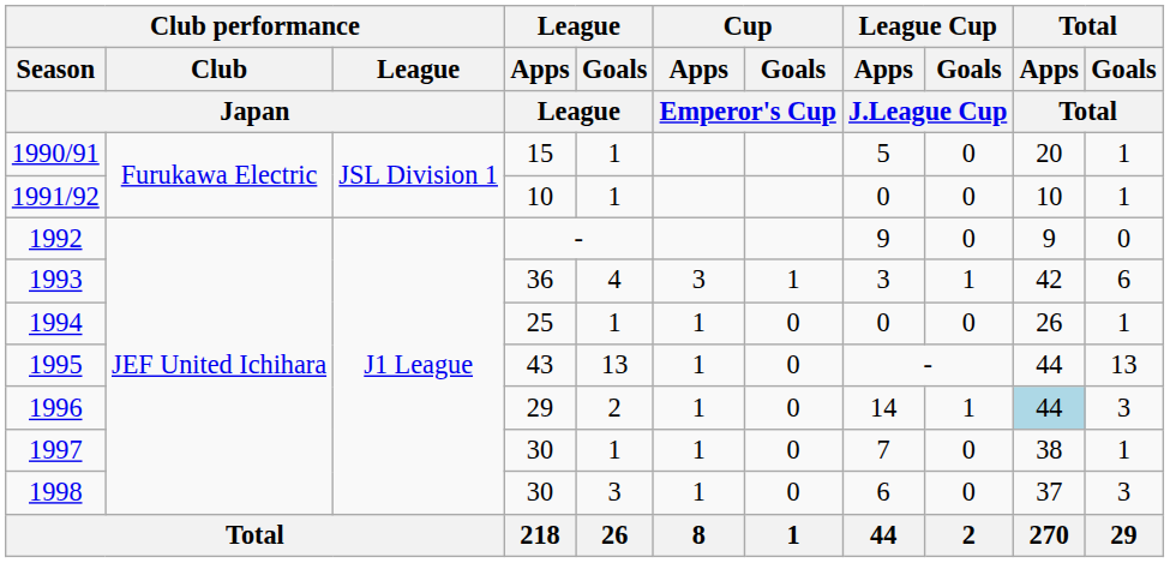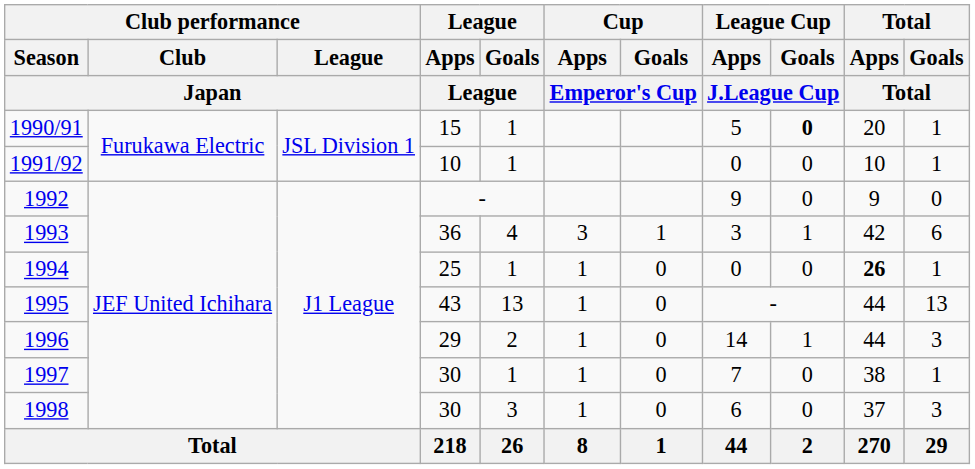 <table class="wikitable" style="text-align:center;">
 <tr>
 <th colspan=3>Club performance</th>
 <th colspan=2>League</th>
 <th colspan=2>Cup</th>
 <th colspan=2>League Cup</th>
 <th colspan=2>Total</th>
 </tr>
 <tr>
 <th>Season</th>
 <th>Club</th>
 <th>League</th>
 <th>Apps</th>
 <th>Goals</th>
 <th>Apps</th>
 <th>Goals</th>
 <th>Apps</th>
 <th>Goals</th>
 <th>Apps</th>
 <th>Goals</th>
 </tr>
 <tr>
 <th colspan=3>Japan</th>
 <th colspan=2>League</th>
 <th colspan=2><a href='#'>Emperor's Cup</a></th>
 <th colspan=2><a href='#'>J.League Cup</a></th>
 <th colspan=2>Total</th>
 </tr>
 <tr>
 <td><a href='#'>1990/91</a></td>
 <td rowspan="2"><a href='#'>Furukawa Electric</a></td>
 <td rowspan="2"><a href='#'>JSL Division 1</a></td>
 <td>15</td>
 <td>1</td>
 <td></td>
 <td></td>
 <td>5</td>
-<td>0</td>
+<td><strong>0</strong></td>
 <td>20</td>
 <td>1</td>
 </tr>
 <tr>
 <td><a href='#'>1991/92</a></td>
 <td>10</td>
 <td>1</td>
 <td></td>
 <td></td>
 <td>0</td>
 <td>0</td>
 <td>10</td>
 <td>1</td>
 </tr>
 <tr>
 <td><a href='#'>1992</a></td>
 <td rowspan="7"><a href='#'>JEF United Ichihara</a></td>
 <td rowspan="7"><a href='#'>J1 League</a></td>
 <td colspan="2">-</td>
 <td></td>
 <td></td>
 <td>9</td>
 <td>0</td>
 <td>9</td>
 <td>0</td>
 </tr>
 <tr>
 <td><a href='#'>1993</a></td>
 <td>36</td>
 <td>4</td>
 <td>3</td>
 <td>1</td>
 <td>3</td>
 <td>1</td>
 <td>42</td>
 <td>6</td>
 </tr>
 <tr>
 <td><a href='#'>1994</a></td>
 <td>25</td>
 <td>1</td>
 <td>1</td>
 <td>0</td>
 <td>0</td>
 <td>0</td>
-<td>26</td>
+<td><strong>26</strong></td>
 <td>1</td>
 </tr>
 <tr>
 <td><a href='#'>1995</a></td>
 <td>43</td>
 <td>13</td>
 <td>1</td>
 <td>0</td>
 <td colspan="2">-</td>
 <td>44</td>
 <td>13</td>
 </tr>
 <tr>
 <td><a href='#'>1996</a></td>
 <td>29</td>
 <td>2</td>
 <td>1</td>
 <td>0</td>
 <td>14</td>
 <td>1</td>
-<td style="background: lightblue;">44</td>
+<td>44</td>
 <td>3</td>
 </tr>
 <tr>
 <td><a href='#'>1997</a></td>
 <td>30</td>
 <td>1</td>
 <td>1</td>
 <td>0</td>
 <td>7</td>
 <td>0</td>
 <td>38</td>
 <td>1</td>
 </tr>
 <tr>
 <td><a href='#'>1998</a></td>
 <td>30</td>
 <td>3</td>
 <td>1</td>
 <td>0</td>
 <td>6</td>
 <td>0</td>
 <td>37</td>
 <td>3</td>
 </tr>
 <tr>
 <th colspan=3>Total</th>
 <th>218</th>
 <th>26</th>
 <th>8</th>
 <th>1</th>
 <th>44</th>
 <th>2</th>
 <th>270</th>
 <th>29</th>
 </tr>
 </table>
